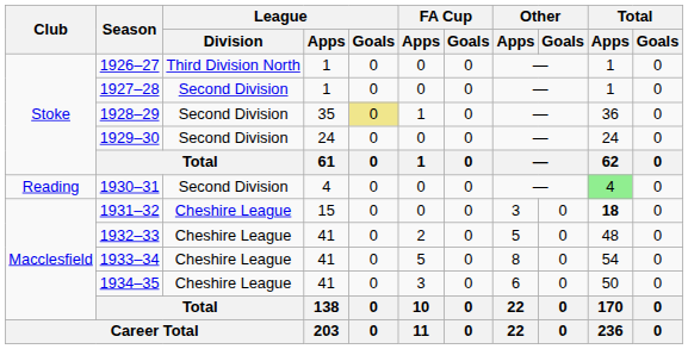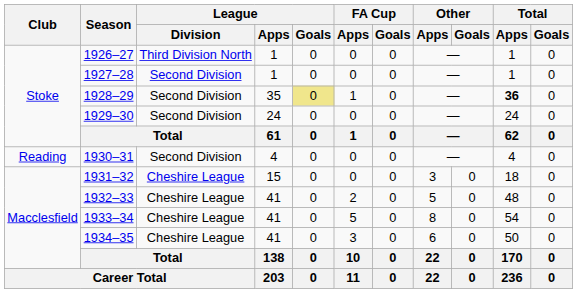 <table class="wikitable" style="text-align: center;">
 <tr>
 <th rowspan="2">Club</th>
 <th rowspan="2">Season</th>
 <th colspan="3">League</th>
 <th colspan="2">FA Cup</th>
 <th colspan="2">Other</th>
 <th colspan="2">Total</th>
 </tr>
 <tr>
 <th>Division</th>
 <th>Apps</th>
 <th>Goals</th>
 <th>Apps</th>
 <th>Goals</th>
 <th>Apps</th>
 <th>Goals</th>
 <th>Apps</th>
 <th>Goals</th>
 </tr>
 <tr>
 <td rowspan="5"><a href='#'>Stoke</a></td>
 <td><a href='#'>1926–27</a></td>
 <td><a href='#'>Third Division North</a></td>
 <td>1</td>
 <td>0</td>
 <td>0</td>
 <td>0</td>
 <td colspan="2">—</td>
 <td>1</td>
 <td>0</td>
 </tr>
 <tr>
 <td><a href='#'>1927–28</a></td>
 <td><a href='#'>Second Division</a></td>
 <td>1</td>
 <td>0</td>
 <td>0</td>
 <td>0</td>
 <td colspan="2">—</td>
 <td>1</td>
 <td>0</td>
 </tr>
 <tr>
 <td><a href='#'>1928–29</a></td>
 <td>Second Division</td>
 <td>35</td>
 <td style="background: khaki;">0</td>
 <td>1</td>
 <td>0</td>
 <td colspan="2">—</td>
-<td>36</td>
+<td><strong>36</strong></td>
 <td>0</td>
 </tr>
 <tr>
 <td><a href='#'>1929–30</a></td>
 <td>Second Division</td>
 <td>24</td>
 <td>0</td>
 <td>0</td>
 <td>0</td>
 <td colspan="2">—</td>
 <td>24</td>
 <td>0</td>
 </tr>
 <tr>
 <th colspan=2>Total</th>
 <th>61</th>
 <th>0</th>
 <th>1</th>
 <th>0</th>
 <th colspan="2">—</th>
 <th>62</th>
 <th>0</th>
 </tr>
 <tr>
 <td><a href='#'>Reading</a></td>
 <td><a href='#'>1930–31</a></td>
 <td>Second Division</td>
 <td>4</td>
 <td>0</td>
 <td>0</td>
 <td>0</td>
 <td colspan="2">—</td>
-<td style="background: lightgreen;">4</td>
+<td>4</td>
 <td>0</td>
 </tr>
 <tr>
 <td rowspan=5><a href='#'>Macclesfield</a></td>
 <td><a href='#'>1931–32</a></td>
 <td><a href='#'>Cheshire League</a></td>
 <td>15</td>
 <td>0</td>
 <td>0</td>
 <td>0</td>
 <td>3</td>
 <td>0</td>
-<td><strong>18</strong></td>
+<td>18</td>
 <td>0</td>
 </tr>
 <tr>
 <td><a href='#'>1932–33</a></td>
 <td>Cheshire League</td>
 <td>41</td>
 <td>0</td>
 <td>2</td>
 <td>0</td>
 <td>5</td>
 <td>0</td>
 <td>48</td>
 <td>0</td>
 </tr>
 <tr>
 <td><a href='#'>1933–34</a></td>
 <td>Cheshire League</td>
 <td>41</td>
 <td>0</td>
 <td>5</td>
 <td>0</td>
 <td>8</td>
 <td>0</td>
 <td>54</td>
 <td>0</td>
 </tr>
 <tr>
 <td><a href='#'>1934–35</a></td>
 <td>Cheshire League</td>
 <td>41</td>
 <td>0</td>
 <td>3</td>
 <td>0</td>
 <td>6</td>
 <td>0</td>
 <td>50</td>
 <td>0</td>
 </tr>
 <tr>
 <th colspan=2>Total</th>
 <th>138</th>
 <th>0</th>
 <th>10</th>
 <th>0</th>
 <th>22</th>
 <th>0</th>
 <th>170</th>
 <th>0</th>
 </tr>
 <tr>
 <th colspan="3">Career Total</th>
 <th>203</th>
 <th>0</th>
 <th>11</th>
 <th>0</th>
 <th>22</th>
 <th>0</th>
 <th>236</th>
 <th>0</th>
 </tr>
 </table>
